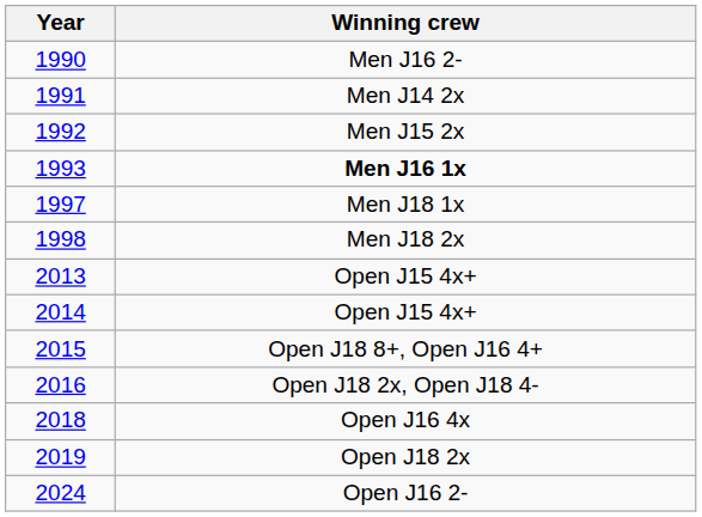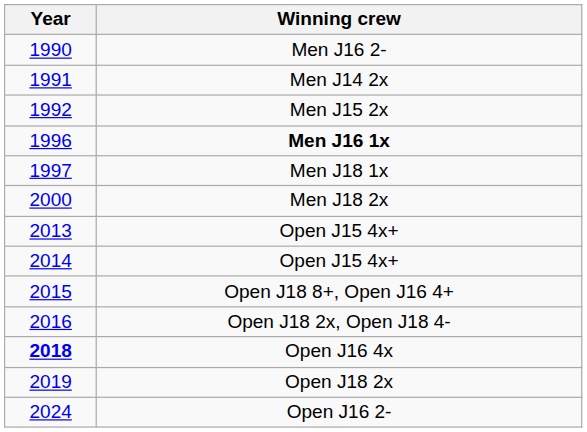 <table class="wikitable" style="text-align:center">
 <tr>
 <th width=70>Year</th>
 <th width=400>Winning crew</th>
 </tr>
 <tr>
 <td><a href='#'>1990</a></td>
 <td>Men J16 2-</td>
 </tr>
 <tr>
 <td><a href='#'>1991</a></td>
 <td>Men J14 2x</td>
 </tr>
 <tr>
 <td><a href='#'>1992</a></td>
 <td>Men J15 2x</td>
 </tr>
 <tr>
-<td><a href='#'>1993</a></td>
+<td><a href='#'>1996</a></td>
 <td><strong>Men J16 1x</strong></td>
 </tr>
 <tr>
 <td><a href='#'>1997</a></td>
 <td>Men J18 1x</td>
 </tr>
 <tr>
-<td><a href='#'>1998</a></td>
+<td><a href='#'>2000</a></td>
 <td>Men J18 2x</td>
 </tr>
 <tr>
 <td><a href='#'>2013</a></td>
 <td>Open J15 4x+</td>
 </tr>
 <tr>
 <td><a href='#'>2014</a></td>
 <td>Open J15 4x+</td>
 </tr>
 <tr>
 <td><a href='#'>2015</a></td>
 <td>Open J18 8+, Open J16 4+</td>
 </tr>
 <tr>
 <td><a href='#'>2016</a></td>
 <td>Open J18 2x, Open J18 4-</td>
 </tr>
 <tr>
-<td><a href='#'>2018</a></td>
+<td><strong><a href='#'>2018</a></strong></td>
 <td>Open J16 4x</td>
 </tr>
 <tr>
 <td><a href='#'>2019</a></td>
 <td>Open J18 2x</td>
 </tr>
 <tr>
 <td><a href='#'>2024</a></td>
 <td>Open J16 2-</td>
 </tr>
 </table>
